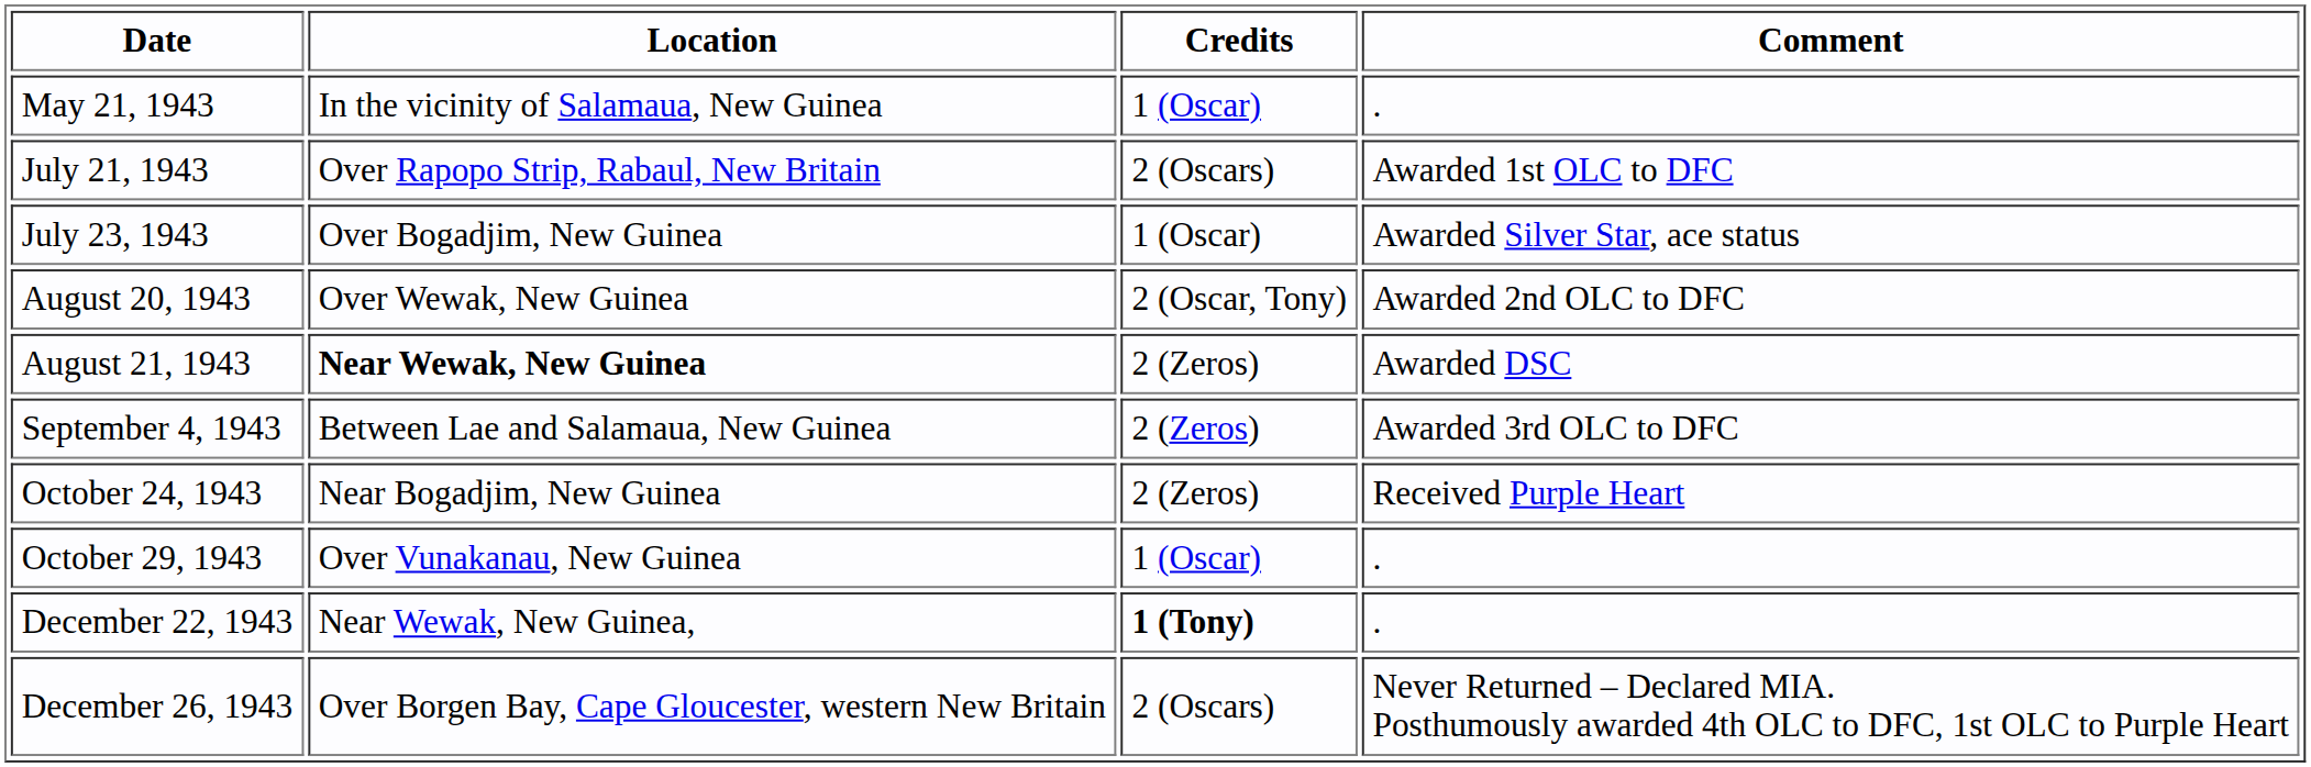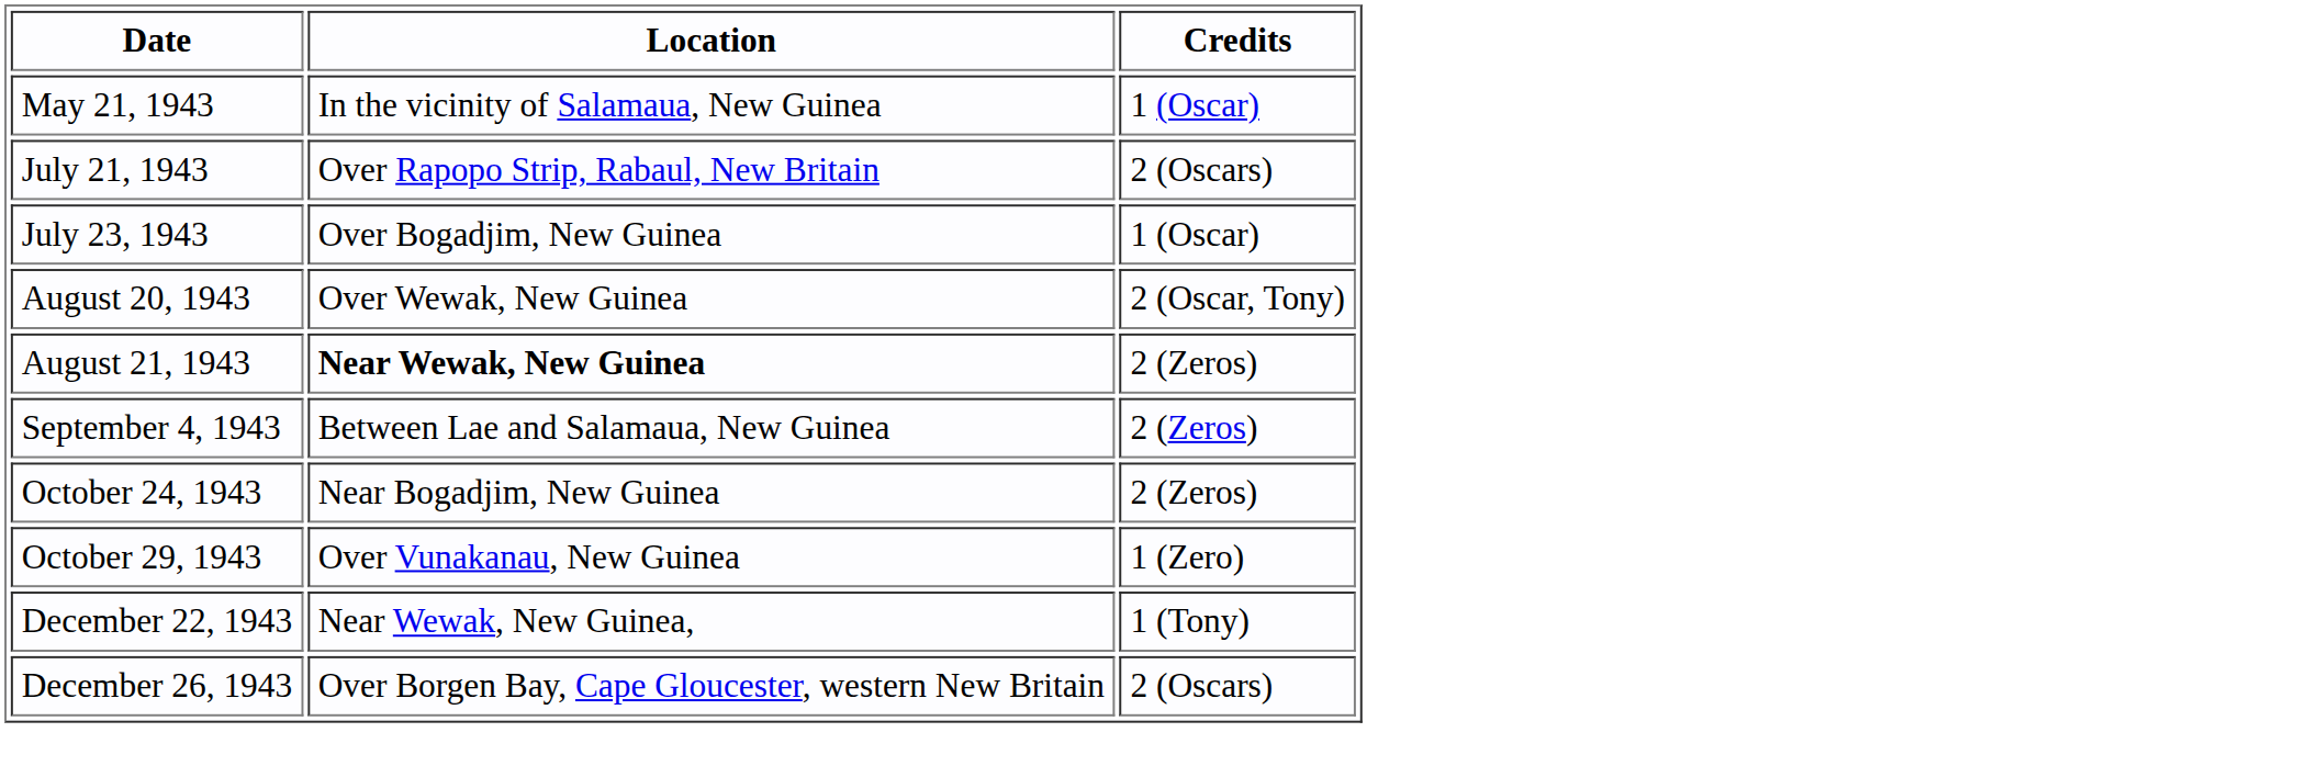 <table bgcolor="#FDFDFF" cellpadding="4" border="1">
 <tr>
 <th>Date</th>
 <th>Location</th>
 <th>Credits</th>
-<th>Comment</th>
 </tr>
 <tr>
 <td>May 21, 1943</td>
 <td>In the vicinity of <a href='#'>Salamaua</a>, New Guinea</td>
 <td>1 <a href='#'>(Oscar)</a></td>
-<td>.</td>
 </tr>
 <tr>
 <td>July 21, 1943</td>
 <td>Over <a href='#'>Rapopo Strip, Rabaul, New Britain</a></td>
 <td>2 (Oscars)</td>
-<td>Awarded 1st <a href='#'>OLC</a> to <a href='#'>DFC</a></td>
 </tr>
 <tr>
 <td>July 23, 1943</td>
 <td>Over Bogadjim, New Guinea</td>
 <td>1 (Oscar)</td>
-<td>Awarded <a href='#'>Silver Star</a>, ace status</td>
 </tr>
 <tr>
 <td>August 20, 1943</td>
 <td>Over Wewak, New Guinea</td>
 <td>2 (Oscar, Tony)</td>
-<td>Awarded 2nd OLC to DFC</td>
 </tr>
 <tr>
 <td>August 21, 1943</td>
 <td><strong>Near Wewak, New Guinea</strong></td>
 <td>2 (Zeros)</td>
-<td>Awarded <a href='#'>DSC</a></td>
 </tr>
 <tr>
 <td>September 4, 1943</td>
 <td>Between Lae and Salamaua, New Guinea</td>
 <td>2 (<a href='#'>Zeros</a>)</td>
-<td>Awarded 3rd OLC to DFC</td>
 </tr>
 <tr>
 <td>October 24, 1943</td>
 <td>Near Bogadjim, New Guinea</td>
 <td>2 (Zeros)</td>
-<td>Received <a href='#'>Purple Heart</a></td>
 </tr>
 <tr>
 <td>October 29, 1943</td>
 <td>Over <a href='#'>Vunakanau</a>, New Guinea</td>
-<td>1 <a href='#'>(Oscar)</a></td>
-<td>.</td>
+<td>1 (Zero)</td>
 </tr>
 <tr>
 <td>December 22, 1943</td>
 <td>Near <a href='#'>Wewak</a>, New Guinea,</td>
-<td><strong>1 (Tony)</strong></td>
-<td>.</td>
+<td>1 (Tony)</td>
 </tr>
 <tr>
 <td>December 26, 1943</td>
 <td>Over Borgen Bay, <a href='#'>Cape Gloucester</a>, western New Britain</td>
 <td>2 (Oscars)</td>
-<td>Never Returned – Declared MIA.<br>Posthumously awarded 4th OLC to DFC, 1st OLC to Purple Heart</td>
 </tr>
 </table>
